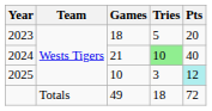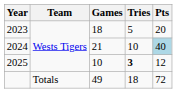 <table class="wikitable">
 <tr>
 <th>Year</th>
 <th>Team</th>
 <th>Games</th>
 <th>Tries</th>
 <th>Pts</th>
 </tr>
 <tr>
 <td>2023</td>
 <td rowspan="3"> <a href='#'>Wests Tigers</a></td>
 <td>18</td>
 <td>5</td>
 <td>20</td>
 </tr>
 <tr>
 <td>2024</td>
 <td>21</td>
-<td style="background: lightgreen;">10</td>
-<td>40</td>
+<td>10</td>
+<td style="background: lightblue;">40</td>
 </tr>
 <tr>
 <td>2025</td>
 <td>10</td>
-<td>3</td>
-<td style="background: paleturquoise;">12</td>
+<td><strong>3</strong></td>
+<td>12</td>
 </tr>
 <tr>
 <td></td>
 <td>Totals</td>
 <td>49</td>
 <td>18</td>
 <td>72</td>
 </tr>
 </table>
